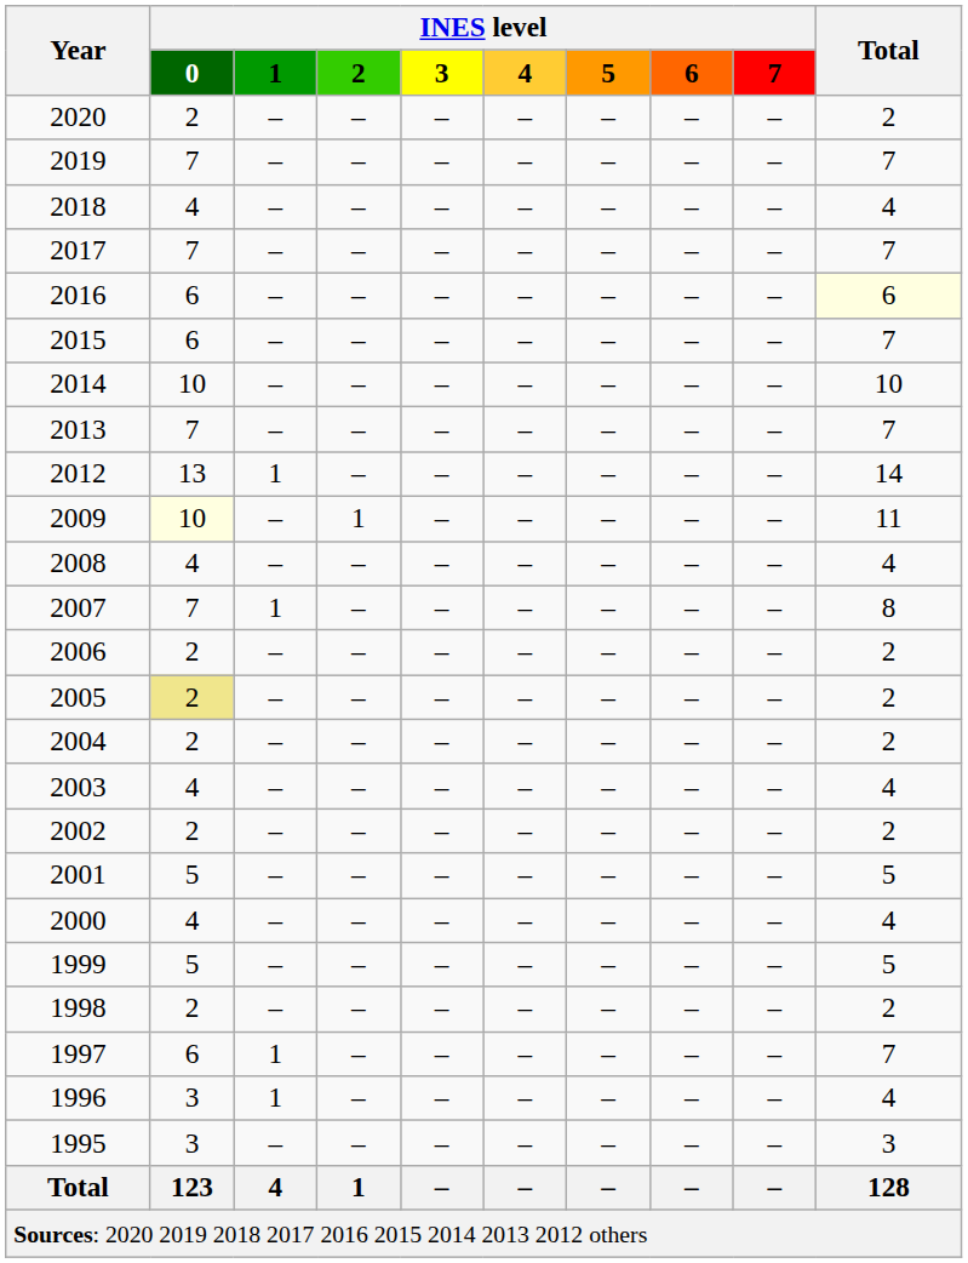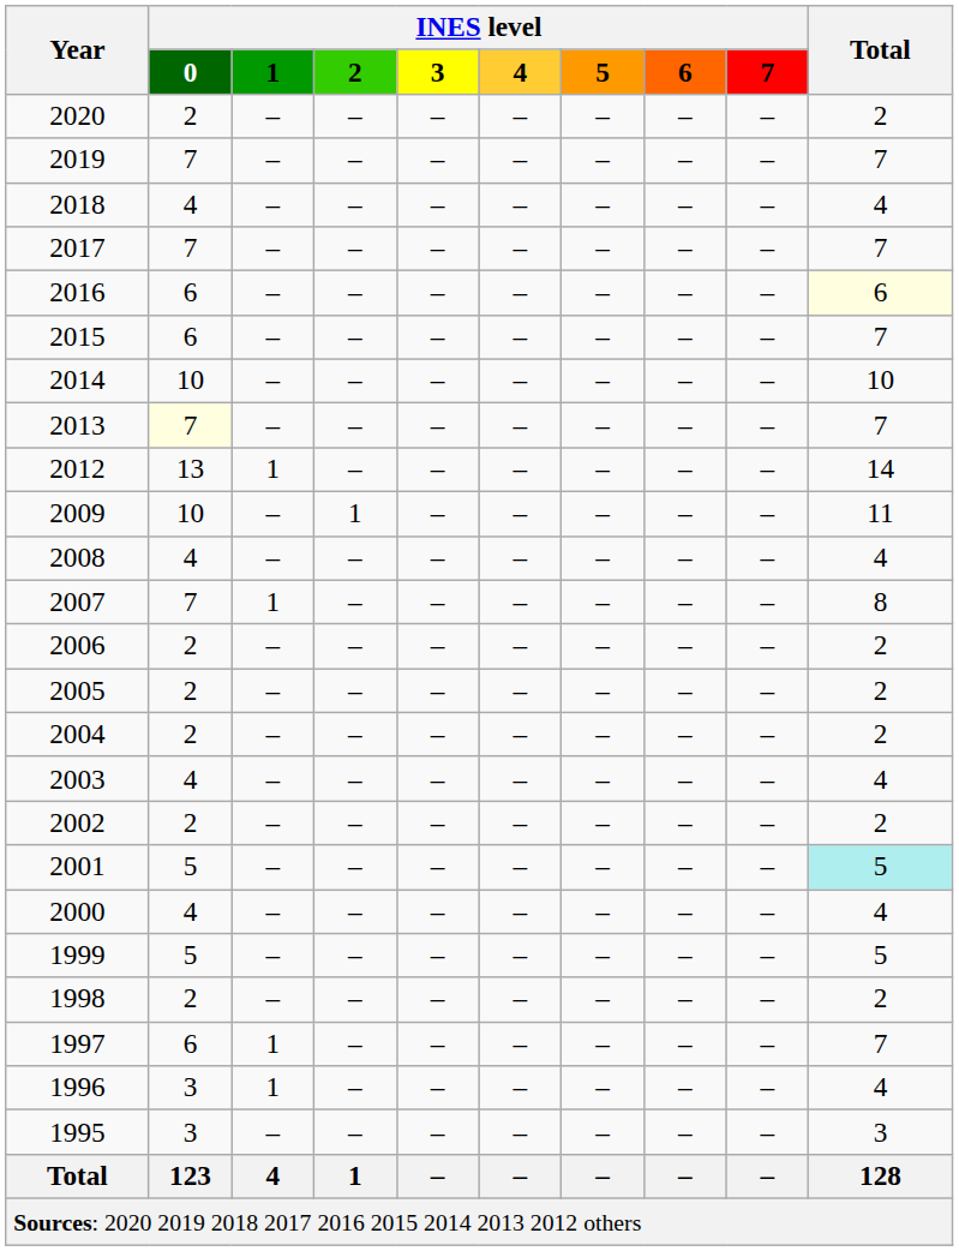 <table class="wikitable" style="text-align: center;">
 <tr>
 <th rowspan=2 style="width: 75px;">Year</th>
 <th colspan=8 style="width: 320px;"><a href='#'>INES</a> level</th>
 <th rowspan=2 style="width: 75px;">Total</th>
 </tr>
 <tr>
 <th style="background: #060; color: white; width: 40px;">0</th>
 <th style="background: #090; width: 40px;">1</th>
 <th style="background: #3c0; width: 40px;">2</th>
 <th style="background: #ff0; width: 40px;">3</th>
 <th style="background: #fc3; width: 40px;">4</th>
 <th style="background: #f90; width: 40px;">5</th>
 <th style="background: #f60; width: 40px;">6</th>
 <th style="background: #f00; width: 40px;">7</th>
 </tr>
 <tr>
 <td>2020</td>
 <td>2</td>
 <td>–</td>
 <td>–</td>
 <td>–</td>
 <td>–</td>
 <td>–</td>
 <td>–</td>
 <td>–</td>
 <td>2</td>
 </tr>
 <tr>
 <td>2019</td>
 <td>7</td>
 <td>–</td>
 <td>–</td>
 <td>–</td>
 <td>–</td>
 <td>–</td>
 <td>–</td>
 <td>–</td>
 <td>7</td>
 </tr>
 <tr>
 <td>2018</td>
 <td>4</td>
 <td>–</td>
 <td>–</td>
 <td>–</td>
 <td>–</td>
 <td>–</td>
 <td>–</td>
 <td>–</td>
 <td>4</td>
 </tr>
 <tr>
 <td>2017</td>
 <td>7</td>
 <td>–</td>
 <td>–</td>
 <td>–</td>
 <td>–</td>
 <td>–</td>
 <td>–</td>
 <td>–</td>
 <td>7</td>
 </tr>
 <tr>
 <td>2016</td>
 <td>6</td>
 <td>–</td>
 <td>–</td>
 <td>–</td>
 <td>–</td>
 <td>–</td>
 <td>–</td>
 <td>–</td>
 <td style="background: lightyellow;">6</td>
 </tr>
 <tr>
 <td>2015</td>
 <td>6</td>
 <td>–</td>
 <td>–</td>
 <td>–</td>
 <td>–</td>
 <td>–</td>
 <td>–</td>
 <td>–</td>
 <td>7</td>
 </tr>
 <tr>
 <td>2014</td>
 <td>10</td>
 <td>–</td>
 <td>–</td>
 <td>–</td>
 <td>–</td>
 <td>–</td>
 <td>–</td>
 <td>–</td>
 <td>10</td>
 </tr>
 <tr>
 <td>2013</td>
-<td>7</td>
+<td style="background: lightyellow;">7</td>
 <td>–</td>
 <td>–</td>
 <td>–</td>
 <td>–</td>
 <td>–</td>
 <td>–</td>
 <td>–</td>
 <td>7</td>
 </tr>
 <tr>
 <td>2012</td>
 <td>13</td>
 <td>1</td>
 <td>–</td>
 <td>–</td>
 <td>–</td>
 <td>–</td>
 <td>–</td>
 <td>–</td>
 <td>14</td>
 </tr>
 <tr>
 <td>2009</td>
-<td style="background: lightyellow;">10</td>
+<td>10</td>
 <td>–</td>
 <td>1</td>
 <td>–</td>
 <td>–</td>
 <td>–</td>
 <td>–</td>
 <td>–</td>
 <td>11</td>
 </tr>
 <tr>
 <td>2008</td>
 <td>4</td>
 <td>–</td>
 <td>–</td>
 <td>–</td>
 <td>–</td>
 <td>–</td>
 <td>–</td>
 <td>–</td>
 <td>4</td>
 </tr>
 <tr>
 <td>2007</td>
 <td>7</td>
 <td>1</td>
 <td>–</td>
 <td>–</td>
 <td>–</td>
 <td>–</td>
 <td>–</td>
 <td>–</td>
 <td>8</td>
 </tr>
 <tr>
 <td>2006</td>
 <td>2</td>
 <td>–</td>
 <td>–</td>
 <td>–</td>
 <td>–</td>
 <td>–</td>
 <td>–</td>
 <td>–</td>
 <td>2</td>
 </tr>
 <tr>
 <td>2005</td>
-<td style="background: khaki;">2</td>
+<td>2</td>
 <td>–</td>
 <td>–</td>
 <td>–</td>
 <td>–</td>
 <td>–</td>
 <td>–</td>
 <td>–</td>
 <td>2</td>
 </tr>
 <tr>
 <td>2004</td>
 <td>2</td>
 <td>–</td>
 <td>–</td>
 <td>–</td>
 <td>–</td>
 <td>–</td>
 <td>–</td>
 <td>–</td>
 <td>2</td>
 </tr>
 <tr>
 <td>2003</td>
 <td>4</td>
 <td>–</td>
 <td>–</td>
 <td>–</td>
 <td>–</td>
 <td>–</td>
 <td>–</td>
 <td>–</td>
 <td>4</td>
 </tr>
 <tr>
 <td>2002</td>
 <td>2</td>
 <td>–</td>
 <td>–</td>
 <td>–</td>
 <td>–</td>
 <td>–</td>
 <td>–</td>
 <td>–</td>
 <td>2</td>
 </tr>
 <tr>
 <td>2001</td>
 <td>5</td>
 <td>–</td>
 <td>–</td>
 <td>–</td>
 <td>–</td>
 <td>–</td>
 <td>–</td>
 <td>–</td>
-<td>5</td>
+<td style="background: paleturquoise;">5</td>
 </tr>
 <tr>
 <td>2000</td>
 <td>4</td>
 <td>–</td>
 <td>–</td>
 <td>–</td>
 <td>–</td>
 <td>–</td>
 <td>–</td>
 <td>–</td>
 <td>4</td>
 </tr>
 <tr>
 <td>1999</td>
 <td>5</td>
 <td>–</td>
 <td>–</td>
 <td>–</td>
 <td>–</td>
 <td>–</td>
 <td>–</td>
 <td>–</td>
 <td>5</td>
 </tr>
 <tr>
 <td>1998</td>
 <td>2</td>
 <td>–</td>
 <td>–</td>
 <td>–</td>
 <td>–</td>
 <td>–</td>
 <td>–</td>
 <td>–</td>
 <td>2</td>
 </tr>
 <tr>
 <td>1997</td>
 <td>6</td>
 <td>1</td>
 <td>–</td>
 <td>–</td>
 <td>–</td>
 <td>–</td>
 <td>–</td>
 <td>–</td>
 <td>7</td>
 </tr>
 <tr>
 <td>1996</td>
 <td>3</td>
 <td>1</td>
 <td>–</td>
 <td>–</td>
 <td>–</td>
 <td>–</td>
 <td>–</td>
 <td>–</td>
 <td>4</td>
 </tr>
 <tr>
 <td>1995</td>
 <td>3</td>
 <td>–</td>
 <td>–</td>
 <td>–</td>
 <td>–</td>
 <td>–</td>
 <td>–</td>
 <td>–</td>
 <td>3</td>
 </tr>
 <tr>
 <th>Total</th>
 <th>123</th>
 <th>4</th>
 <th>1</th>
 <th>–</th>
 <th>–</th>
 <th>–</th>
 <th>–</th>
 <th>–</th>
 <th>128</th>
 </tr>
 <tr>
 <th colspan=10 style="font-size: 0.85em; padding: 6px 2px 4px 4px; text-align: left; font-weight: normal;"><strong>Sources</strong>: 2020 2019 2018 2017 2016 2015 2014 2013 2012 others</th>
 </tr>
 </table>
